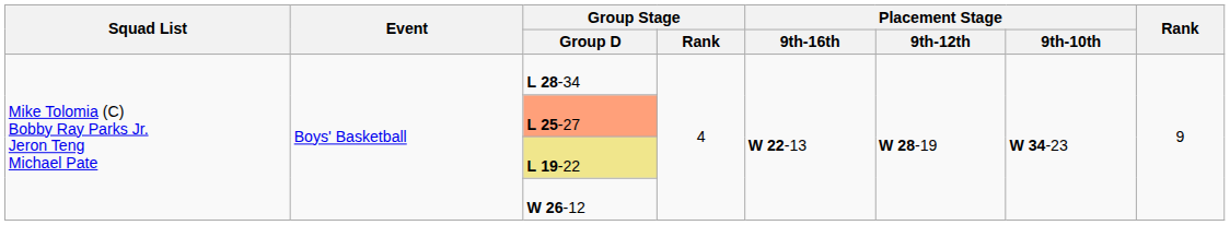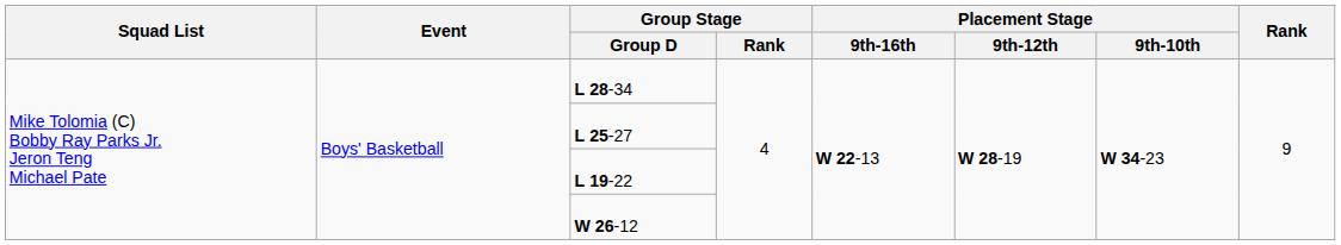 <table class="wikitable" width="90%" style="text-align:left; font-size:90%">
 <tr>
 <th rowspan="2">Squad List</th>
 <th rowspan="2">Event</th>
 <th colspan="2">Group Stage</th>
 <th colspan="3">Placement Stage</th>
 <th rowspan="2">Rank</th>
 </tr>
 <tr>
 <th>Group D</th>
 <th>Rank</th>
 <th>9th-16th</th>
 <th>9th-12th</th>
 <th>9th-10th</th>
 </tr>
 <tr>
 <td rowspan="4"><a href='#'>Mike Tolomia</a> (C)<br><a href='#'>Bobby Ray Parks Jr.</a><br><a href='#'>Jeron Teng</a><br><a href='#'>Michael Pate</a></td>
 <td rowspan="4"><a href='#'>Boys' Basketball</a></td>
 <td><br> <strong>L</strong> <strong>28</strong>-34</td>
 <td rowspan="4" align=center>4</td>
 <td rowspan="4"> <br> <strong>W</strong> <strong>22</strong>-13</td>
 <td rowspan="4"> <br> <strong>W</strong> <strong>28</strong>-19</td>
 <td rowspan="4"> <br> <strong>W</strong> <strong>34</strong>-23</td>
 <td rowspan="4" align="center">9</td>
 </tr>
 <tr>
-<td style="background: lightsalmon;"><br> <strong>L</strong> <strong>25</strong>-27</td>
+<td><br> <strong>L</strong> <strong>25</strong>-27</td>
 </tr>
 <tr>
-<td style="background: khaki;"><br> <strong>L</strong> <strong>19</strong>-22</td>
+<td><br> <strong>L</strong> <strong>19</strong>-22</td>
 </tr>
 <tr>
 <td><br> <strong>W</strong> <strong>26</strong>-12</td>
 </tr>
 </table>
